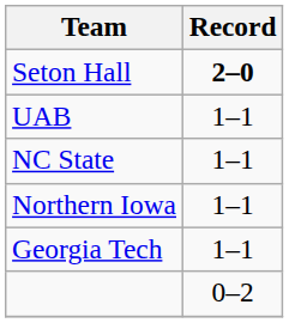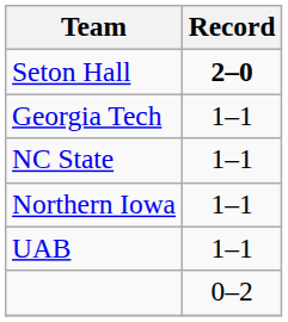 <table class="wikitable" style="text-align:center">
 <tr>
 <th>Team</th>
 <th>Record</th>
 </tr>
 <tr>
 <td align=left><a href='#'>Seton Hall</a></td>
 <td><strong>2–0</strong></td>
 </tr>
 <tr>
-<td align=left><a href='#'>UAB</a></td>
+<td align=left><a href='#'>Georgia Tech</a></td>
 <td>1–1</td>
 </tr>
 <tr>
 <td align=left><a href='#'>NC State</a></td>
 <td>1–1</td>
 </tr>
 <tr>
 <td align=left><a href='#'>Northern Iowa</a></td>
 <td>1–1</td>
 </tr>
 <tr>
-<td align=left><a href='#'>Georgia Tech</a></td>
+<td align=left><a href='#'>UAB</a></td>
 <td>1–1</td>
 </tr>
 <tr>
 <td align=left></td>
 <td>0–2</td>
 </tr>
 <tr>
 </tr>
 </table>
